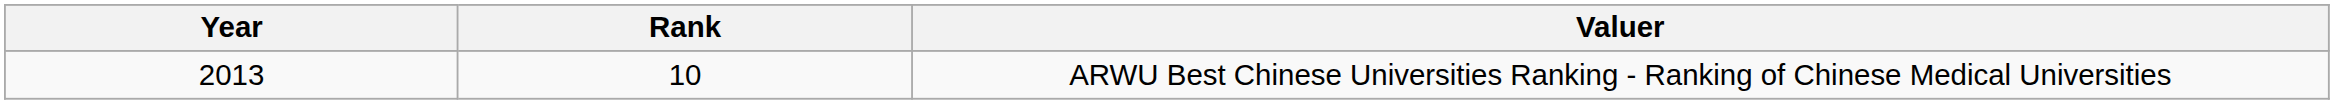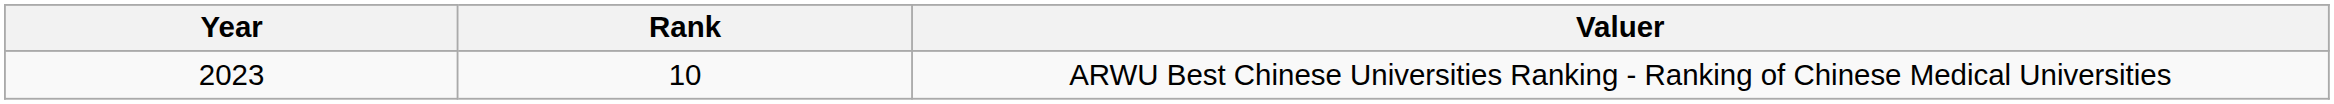 <table class="wikitable sortable" width="100%">
 <tr>
 <th width="8%">Year</th>
 <th width="8%">Rank</th>
 <th width="25%">Valuer</th>
 </tr>
 <tr>
-<td align="center">2013</td>
+<td align="center">2023</td>
 <td align="center">10</td>
 <td align="center">ARWU Best Chinese Universities Ranking - Ranking of Chinese Medical Universities</td>
 </tr>
 </table>
